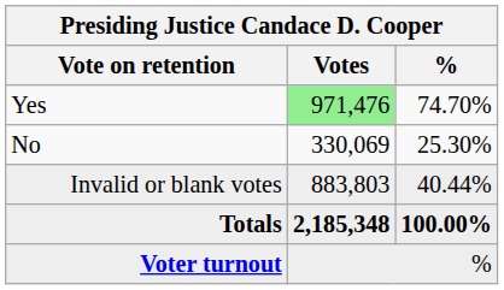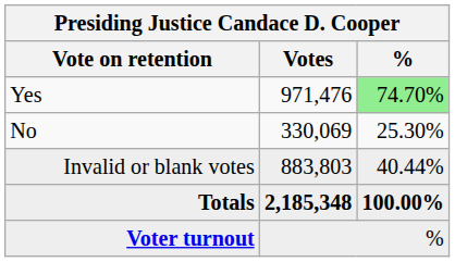 <table class="wikitable" style="font-size: 95%;">
 <tr style="background-color:#E9E9E9">
 <th colspan=7>Presiding Justice Candace D. Cooper</th>
 </tr>
 <tr style="background-color:#E9E9E9">
 <th style="width: 170px">Vote on retention</th>
 <th style="width: 50px">Votes</th>
 <th style="width: 40px">%</th>
 </tr>
 <tr>
 <td>Yes</td>
-<td align="right" style="background: lightgreen;">971,476</td>
-<td align="right">74.70%</td>
+<td align="right">971,476</td>
+<td align="right" style="background: lightgreen;">74.70%</td>
 </tr>
 <tr>
 <td>No</td>
 <td align="right">330,069</td>
 <td align="right">25.30%</td>
 </tr>
 <tr bgcolor="#EEEEEE">
 <td align="right">Invalid or blank votes</td>
 <td align="right">883,803</td>
 <td align="right">40.44%</td>
 </tr>
 <tr bgcolor="#EEEEEE">
 <td align="right"><strong>Totals</strong></td>
 <td align="right"><strong>2,185,348</strong></td>
 <td align="right"><strong>100.00%</strong></td>
 </tr>
 <tr bgcolor="#EEEEEE">
 <td align="right"><strong><a href='#'>Voter turnout</a></strong></td>
 <td colspan="2" align="right">%</td>
 </tr>
 </table>
